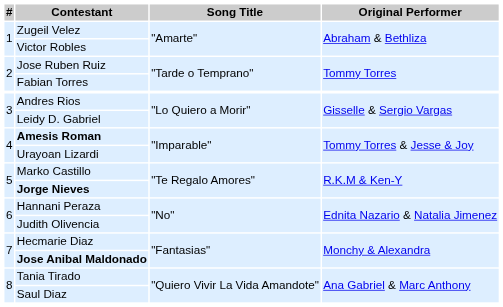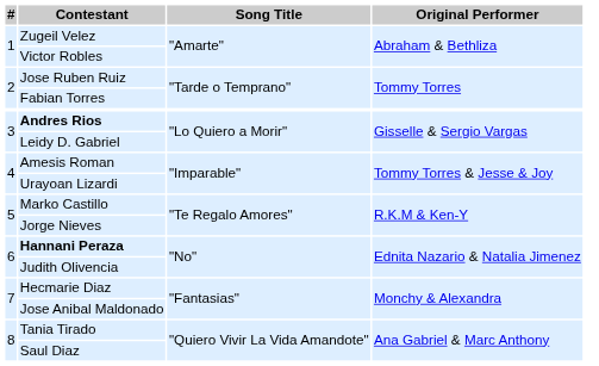 <table cellpadding=2 cellspacing=2>
 <tr bgcolor=#cccccc>
 <th>#</th>
 <th>Contestant</th>
 <th>Song Title</th>
 <th>Original Performer</th>
 </tr>
 <tr bgcolor=#DDEEFF>
 <td rowspan="2" align=center>1</td>
 <td>Zugeil Velez</td>
 <td rowspan="2">"Amarte"</td>
 <td rowspan="2"><a href='#'>Abraham</a> & <a href='#'>Bethliza</a></td>
 </tr>
 <tr bgcolor=#DDEEFF>
 <td>Victor Robles</td>
 </tr>
 <tr bgcolor=#DDEEFF>
 <td rowspan="2" align=center>2</td>
 <td>Jose Ruben Ruiz</td>
 <td rowspan="2">"Tarde o Temprano"</td>
 <td rowspan="2"><a href='#'>Tommy Torres</a></td>
 </tr>
 <tr bgcolor=#DDEEFF>
 <td>Fabian Torres</td>
 </tr>
 <tr bgcolor=#DDEEFF>
 </tr>
 <tr bgcolor=#DDEEFF>
 <td rowspan="2" align=center>3</td>
-<td>Andres Rios</td>
+<td><strong>Andres Rios</strong></td>
 <td rowspan="2">"Lo Quiero a Morir"</td>
 <td rowspan="2"><a href='#'>Gisselle</a> & <a href='#'>Sergio Vargas</a></td>
 </tr>
 <tr bgcolor=#DDEEFF>
 <td>Leidy D. Gabriel</td>
 </tr>
 <tr bgcolor=#DDEEFF>
 <td rowspan="2" align=center>4</td>
-<td><strong>Amesis Roman</strong></td>
+<td>Amesis Roman</td>
 <td rowspan="2">"Imparable"</td>
 <td rowspan="2"><a href='#'>Tommy Torres</a> & <a href='#'>Jesse & Joy</a></td>
 </tr>
 <tr bgcolor=#DDEEFF>
 <td>Urayoan Lizardi</td>
 </tr>
 <tr bgcolor=#DDEEFF>
 <td rowspan="2" align=center>5</td>
 <td>Marko Castillo</td>
 <td rowspan="2">"Te Regalo Amores"</td>
 <td rowspan="2"><a href='#'>R.K.M & Ken-Y</a></td>
 </tr>
 <tr bgcolor=#DDEEFF>
-<td><strong>Jorge Nieves</strong></td>
+<td>Jorge Nieves</td>
 </tr>
 <tr bgcolor=#DDEEFF>
 <td rowspan="2" align=center>6</td>
-<td>Hannani Peraza</td>
+<td><strong>Hannani Peraza</strong></td>
 <td rowspan="2">"No"</td>
 <td rowspan="2"><a href='#'>Ednita Nazario</a> & <a href='#'>Natalia Jimenez</a></td>
 </tr>
 <tr bgcolor=#DDEEFF>
 <td>Judith Olivencia</td>
 </tr>
 <tr bgcolor=#DDEEFF>
 <td rowspan="2" align=center>7</td>
 <td>Hecmarie Diaz</td>
 <td rowspan="2">"Fantasias"</td>
 <td rowspan="2"><a href='#'>Monchy & Alexandra</a></td>
 </tr>
 <tr bgcolor=#DDEEFF>
-<td><strong>Jose Anibal Maldonado</strong></td>
+<td>Jose Anibal Maldonado</td>
 </tr>
 <tr bgcolor=#DDEEFF>
 <td rowspan="2" align=center>8</td>
 <td>Tania Tirado</td>
 <td rowspan="2">"Quiero Vivir La Vida Amandote"</td>
 <td rowspan="2"><a href='#'>Ana Gabriel</a> & <a href='#'>Marc Anthony</a></td>
 </tr>
 <tr bgcolor=#DDEEFF>
 <td>Saul Diaz</td>
 </tr>
 <tr bgcolor=#DDEEFF>
 </tr>
 </table>
